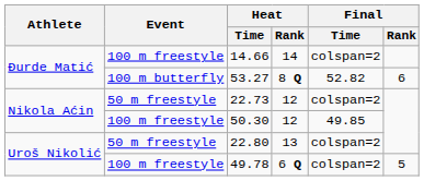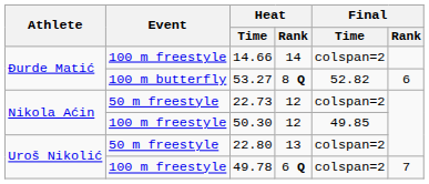 <table class=wikitable style="font-size:90%">
 <tr>
 <th rowspan="2">Athlete</th>
 <th rowspan="2">Event</th>
 <th colspan="2">Heat</th>
 <th colspan="2">Final</th>
 </tr>
 <tr style="font-size:95%">
 <th>Time</th>
 <th>Rank</th>
 <th>Time</th>
 <th>Rank</th>
 </tr>
 <tr align=center>
 <td align=left rowspan=2><a href='#'>Đurde Matić</a></td>
 <td align=left><a href='#'>100 m freestyle</a></td>
 <td>14.66</td>
 <td>14</td>
 <td>colspan=2 </td>
 </tr>
 <tr align=center>
 <td align=left><a href='#'>100 m butterfly</a></td>
 <td>53.27</td>
 <td>8 <strong>Q</strong></td>
 <td>52.82</td>
 <td>6</td>
 </tr>
 <tr align=center>
 <td align=left rowspan=2><a href='#'>Nikola Aćin</a></td>
 <td align=left><a href='#'>50 m freestyle</a></td>
 <td>22.73</td>
 <td>12</td>
 <td>colspan=2 </td>
 </tr>
 <tr align=center>
 <td align=left><a href='#'>100 m freestyle</a></td>
 <td>50.30</td>
 <td>12</td>
 <td>49.85</td>
 </tr>
 <tr align=center>
 <td align=left rowspan=2><a href='#'>Uroš Nikolić</a></td>
 <td align=left><a href='#'>50 m freestyle</a></td>
 <td>22.80</td>
 <td>13</td>
 <td>colspan=2 </td>
 </tr>
 <tr align=center>
 <td align=left><a href='#'>100 m freestyle</a></td>
 <td>49.78</td>
 <td>6 <strong>Q</strong></td>
 <td>colspan=2 </td>
-<td>5</td>
+<td>7</td>
 </tr>
 </table>
